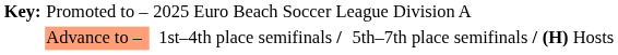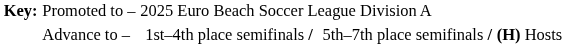 <table style="font-size: 85%">
 <tr>
 <td rowspan=2 valign=top><strong>Key:</strong></td>
 <td>Promoted to –</td>
 <td colspan="5"> 2025 Euro Beach Soccer League Division A</td>
 </tr>
 <tr>
-<td style="background: lightsalmon;">Advance to –</td>
+<td>Advance to –</td>
 <td> </td>
 <td>1st–4th place semifinals <strong>/</strong></td>
 <td></td>
 <td>5th–7th place semifinals <strong>/</strong></td>
 <td><strong>(H)</strong> Hosts</td>
 </tr>
 </table>
